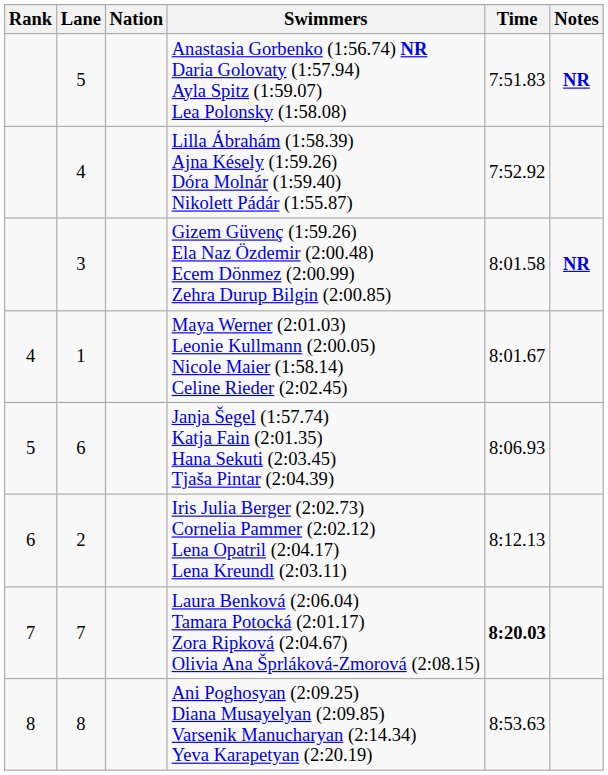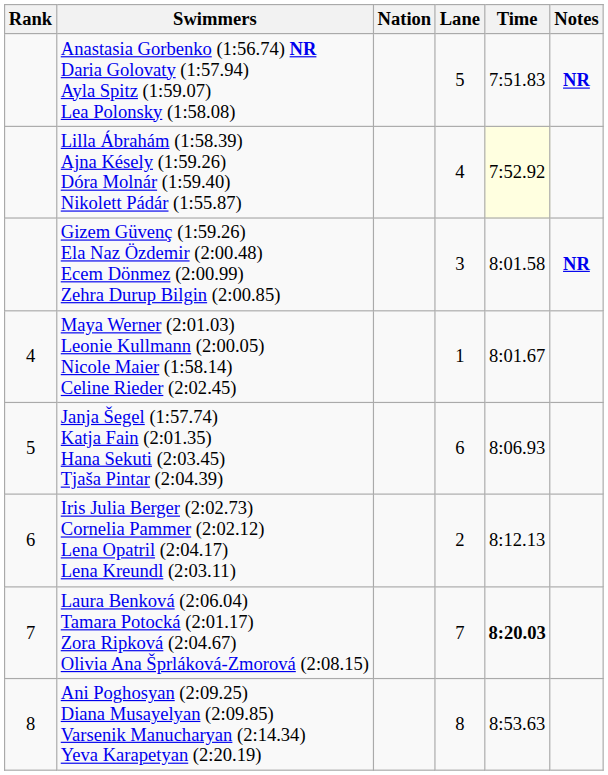 <table class="wikitable sortable" style="text-align:center">
 <tr>
 <th>Rank</th>
+<th>Swimmers</th>
+<th>Nation</th>
 <th>Lane</th>
-<th>Nation</th>
-<th>Swimmers</th>
 <th>Time</th>
 <th>Notes</th>
 </tr>
 <tr>
 <td></td>
+<td align=left><a href='#'>Anastasia Gorbenko</a> (1:56.74) <strong><a href='#'>NR</a></strong><br><a href='#'>Daria Golovaty</a> (1:57.94)<br><a href='#'>Ayla Spitz</a> (1:59.07)<br><a href='#'>Lea Polonsky</a> (1:58.08)</td>
+<td align=left></td>
 <td>5</td>
-<td align=left></td>
-<td align=left><a href='#'>Anastasia Gorbenko</a> (1:56.74) <strong><a href='#'>NR</a></strong><br><a href='#'>Daria Golovaty</a> (1:57.94)<br><a href='#'>Ayla Spitz</a> (1:59.07)<br><a href='#'>Lea Polonsky</a> (1:58.08)</td>
 <td>7:51.83</td>
 <td><strong><a href='#'>NR</a></strong></td>
 </tr>
 <tr>
 <td></td>
+<td align=left><a href='#'>Lilla Ábrahám</a> (1:58.39)<br><a href='#'>Ajna Késely</a> (1:59.26)<br><a href='#'>Dóra Molnár</a> (1:59.40)<br><a href='#'>Nikolett Pádár</a> (1:55.87)</td>
+<td align=left></td>
 <td>4</td>
-<td align=left></td>
-<td align=left><a href='#'>Lilla Ábrahám</a> (1:58.39)<br><a href='#'>Ajna Késely</a> (1:59.26)<br><a href='#'>Dóra Molnár</a> (1:59.40)<br><a href='#'>Nikolett Pádár</a> (1:55.87)</td>
-<td>7:52.92</td>
+<td style="background: lightyellow;">7:52.92</td>
 <td></td>
 </tr>
 <tr>
 <td></td>
+<td align=left><a href='#'>Gizem Güvenç</a> (1:59.26)<br><a href='#'>Ela Naz Özdemir</a> (2:00.48)<br><a href='#'>Ecem Dönmez</a> (2:00.99)<br><a href='#'>Zehra Durup Bilgin</a> (2:00.85)</td>
+<td align=left></td>
 <td>3</td>
-<td align=left></td>
-<td align=left><a href='#'>Gizem Güvenç</a> (1:59.26)<br><a href='#'>Ela Naz Özdemir</a> (2:00.48)<br><a href='#'>Ecem Dönmez</a> (2:00.99)<br><a href='#'>Zehra Durup Bilgin</a> (2:00.85)</td>
 <td>8:01.58</td>
 <td><strong><a href='#'>NR</a></strong></td>
 </tr>
 <tr>
 <td>4</td>
+<td align=left><a href='#'>Maya Werner</a> (2:01.03)<br><a href='#'>Leonie Kullmann</a> (2:00.05)<br><a href='#'>Nicole Maier</a> (1:58.14)<br><a href='#'>Celine Rieder</a> (2:02.45)</td>
+<td align=left></td>
 <td>1</td>
-<td align=left></td>
-<td align=left><a href='#'>Maya Werner</a> (2:01.03)<br><a href='#'>Leonie Kullmann</a> (2:00.05)<br><a href='#'>Nicole Maier</a> (1:58.14)<br><a href='#'>Celine Rieder</a> (2:02.45)</td>
 <td>8:01.67</td>
 <td></td>
 </tr>
 <tr>
 <td>5</td>
+<td align=left><a href='#'>Janja Šegel</a> (1:57.74)<br><a href='#'>Katja Fain</a> (2:01.35)<br><a href='#'>Hana Sekuti</a> (2:03.45)<br><a href='#'>Tjaša Pintar</a> (2:04.39)</td>
+<td align=left></td>
 <td>6</td>
-<td align=left></td>
-<td align=left><a href='#'>Janja Šegel</a> (1:57.74)<br><a href='#'>Katja Fain</a> (2:01.35)<br><a href='#'>Hana Sekuti</a> (2:03.45)<br><a href='#'>Tjaša Pintar</a> (2:04.39)</td>
 <td>8:06.93</td>
 <td></td>
 </tr>
 <tr>
 <td>6</td>
+<td align=left><a href='#'>Iris Julia Berger</a> (2:02.73)<br><a href='#'>Cornelia Pammer</a> (2:02.12)<br><a href='#'>Lena Opatril</a> (2:04.17)<br><a href='#'>Lena Kreundl</a> (2:03.11)</td>
+<td align=left></td>
 <td>2</td>
-<td align=left></td>
-<td align=left><a href='#'>Iris Julia Berger</a> (2:02.73)<br><a href='#'>Cornelia Pammer</a> (2:02.12)<br><a href='#'>Lena Opatril</a> (2:04.17)<br><a href='#'>Lena Kreundl</a> (2:03.11)</td>
 <td>8:12.13</td>
 <td></td>
 </tr>
 <tr>
 <td>7</td>
+<td align=left><a href='#'>Laura Benková</a> (2:06.04)<br><a href='#'>Tamara Potocká</a> (2:01.17)<br><a href='#'>Zora Ripková</a> (2:04.67)<br><a href='#'>Olivia Ana Šprláková-Zmorová</a> (2:08.15)</td>
+<td align=left></td>
 <td>7</td>
-<td align=left></td>
-<td align=left><a href='#'>Laura Benková</a> (2:06.04)<br><a href='#'>Tamara Potocká</a> (2:01.17)<br><a href='#'>Zora Ripková</a> (2:04.67)<br><a href='#'>Olivia Ana Šprláková-Zmorová</a> (2:08.15)</td>
 <td><strong>8:20.03</strong></td>
 <td></td>
 </tr>
 <tr>
 <td>8</td>
+<td align=left><a href='#'>Ani Poghosyan</a> (2:09.25)<br><a href='#'>Diana Musayelyan</a> (2:09.85)<br><a href='#'>Varsenik Manucharyan</a> (2:14.34)<br><a href='#'>Yeva Karapetyan</a> (2:20.19)</td>
+<td align=left></td>
 <td>8</td>
-<td align=left></td>
-<td align=left><a href='#'>Ani Poghosyan</a> (2:09.25)<br><a href='#'>Diana Musayelyan</a> (2:09.85)<br><a href='#'>Varsenik Manucharyan</a> (2:14.34)<br><a href='#'>Yeva Karapetyan</a> (2:20.19)</td>
 <td>8:53.63</td>
 <td></td>
 </tr>
 </table>
